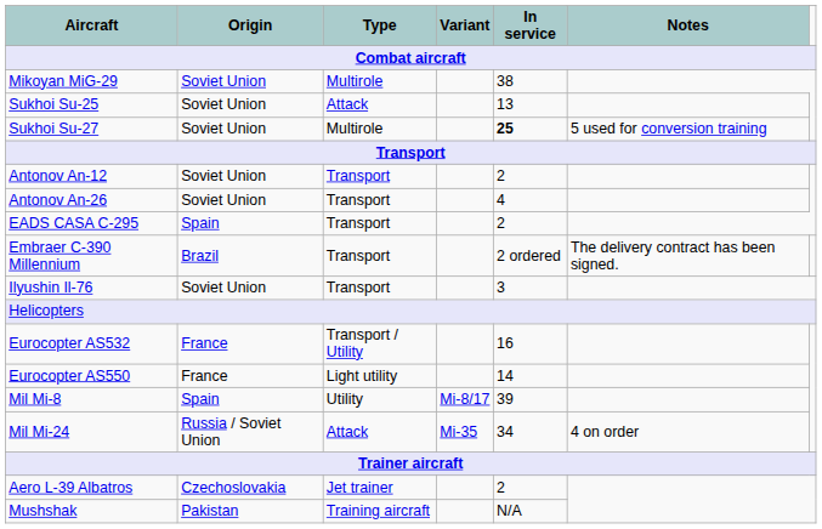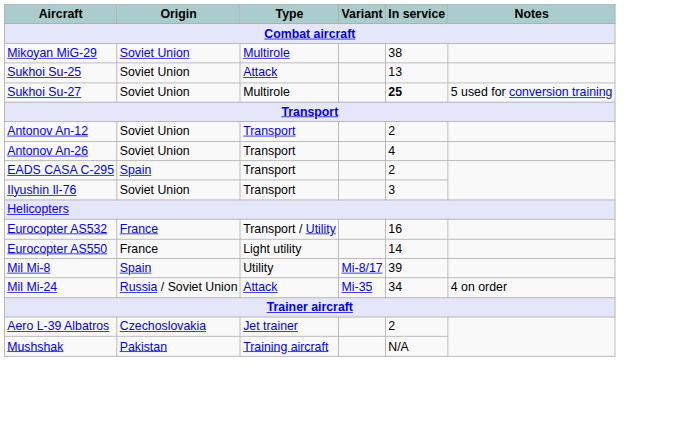 <table class="wikitable">
 <tr>
 <th style="text-align:center; background:#acc;">Aircraft</th>
 <th style="text-align: center; background:#acc;">Origin</th>
 <th style="text-align:l center; background:#acc;">Type</th>
 <th style="text-align:left; background:#acc;">Variant</th>
 <th style="text-align:center; background:#acc;">In service</th>
 <th style="text-align: center; background:#acc;">Notes</th>
 </tr>
 <tr>
 <th style="align: center; background: lavender;" colspan="7"><a href='#'>Combat aircraft</a></th>
 </tr>
 <tr>
 <td><a href='#'>Mikoyan MiG-29</a></td>
 <td><a href='#'>Soviet Union</a></td>
 <td><a href='#'>Multirole</a></td>
 <td></td>
 <td>38</td>
 </tr>
 <tr>
 <td><a href='#'>Sukhoi Su-25</a></td>
 <td>Soviet Union</td>
 <td><a href='#'>Attack</a></td>
 <td></td>
 <td>13</td>
 <td></td>
 </tr>
 <tr>
 <td><a href='#'>Sukhoi Su-27</a></td>
 <td>Soviet Union</td>
 <td>Multirole</td>
 <td></td>
 <td><strong>25</strong></td>
 <td>5 used for <a href='#'>conversion training</a></td>
 </tr>
 <tr>
 <th style="align: center; background: lavender;" colspan="7"><a href='#'>Transport</a></th>
 </tr>
 <tr>
 <td><a href='#'>Antonov An-12</a></td>
 <td>Soviet Union</td>
 <td><a href='#'>Transport</a></td>
 <td></td>
 <td>2</td>
 <td></td>
 </tr>
 <tr>
 <td><a href='#'>Antonov An-26</a></td>
 <td>Soviet Union</td>
 <td>Transport</td>
 <td></td>
 <td>4</td>
 <td></td>
 </tr>
 <tr>
 <td><a href='#'>EADS CASA C-295</a></td>
 <td><a href='#'>Spain</a></td>
 <td>Transport</td>
 <td></td>
 <td>2</td>
 </tr>
 <tr>
-<td><a href='#'>Embraer C-390 Millennium</a></td>
-<td><a href='#'>Brazil</a></td>
-<td>Transport</td>
-<td></td>
-<td>2 ordered</td>
-<td>The delivery contract has been signed.</td>
-<td></td>
-</tr>
-<tr>
 <td><a href='#'>Ilyushin Il-76</a></td>
 <td>Soviet Union</td>
 <td>Transport</td>
 <td></td>
 <td>3</td>
 </tr>
 <tr>
 <td ! style="align: center; background: lavender;" colspan="7"><a href='#'>Helicopters</a></td>
 </tr>
 <tr>
 <td><a href='#'>Eurocopter AS532</a></td>
 <td><a href='#'>France</a></td>
 <td>Transport / <a href='#'>Utility</a></td>
 <td></td>
 <td>16</td>
 <td></td>
 </tr>
 <tr>
 <td><a href='#'>Eurocopter AS550</a></td>
 <td>France</td>
 <td>Light utility</td>
 <td></td>
 <td>14</td>
 <td></td>
 </tr>
 <tr>
 <td><a href='#'>Mil Mi-8</a></td>
 <td><a href='#'>Spain</a></td>
 <td>Utility</td>
 <td><a href='#'>Mi-8/17</a></td>
 <td>39</td>
 <td></td>
 </tr>
 <tr>
 <td><a href='#'>Mil Mi-24</a></td>
 <td><a href='#'>Russia</a> / Soviet Union</td>
 <td><a href='#'>Attack</a></td>
 <td><a href='#'>Mi-35</a></td>
 <td>34</td>
 <td>4 on order</td>
 </tr>
 <tr>
 <th style="align: center; background: lavender;" colspan="7"><a href='#'>Trainer aircraft</a></th>
 </tr>
 <tr>
 <td><a href='#'>Aero L-39 Albatros</a></td>
 <td><a href='#'>Czechoslovakia</a></td>
 <td><a href='#'>Jet trainer</a></td>
 <td></td>
 <td>2</td>
 </tr>
 <tr>
 <td><a href='#'>Mushshak</a></td>
 <td><a href='#'>Pakistan</a></td>
 <td><a href='#'>Training aircraft</a></td>
 <td></td>
 <td>N/A</td>
 </tr>
 </table>
